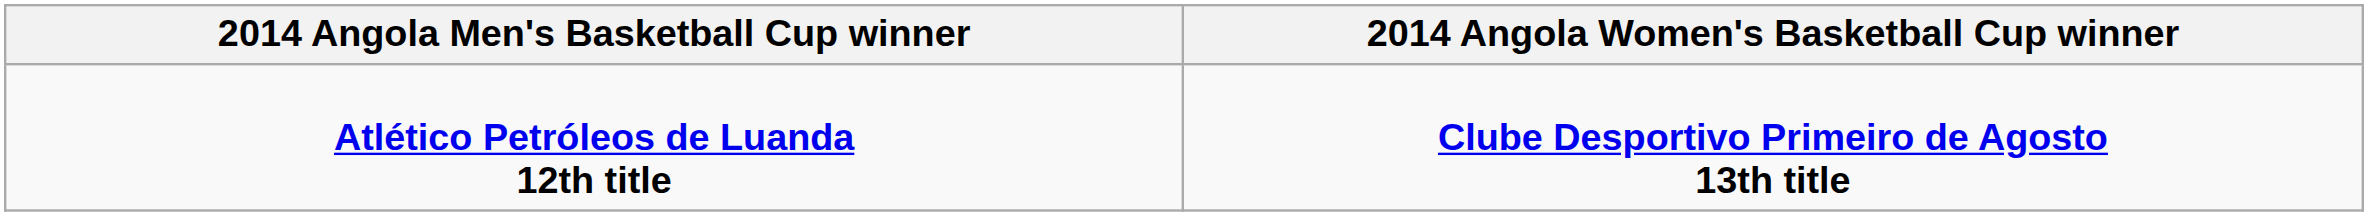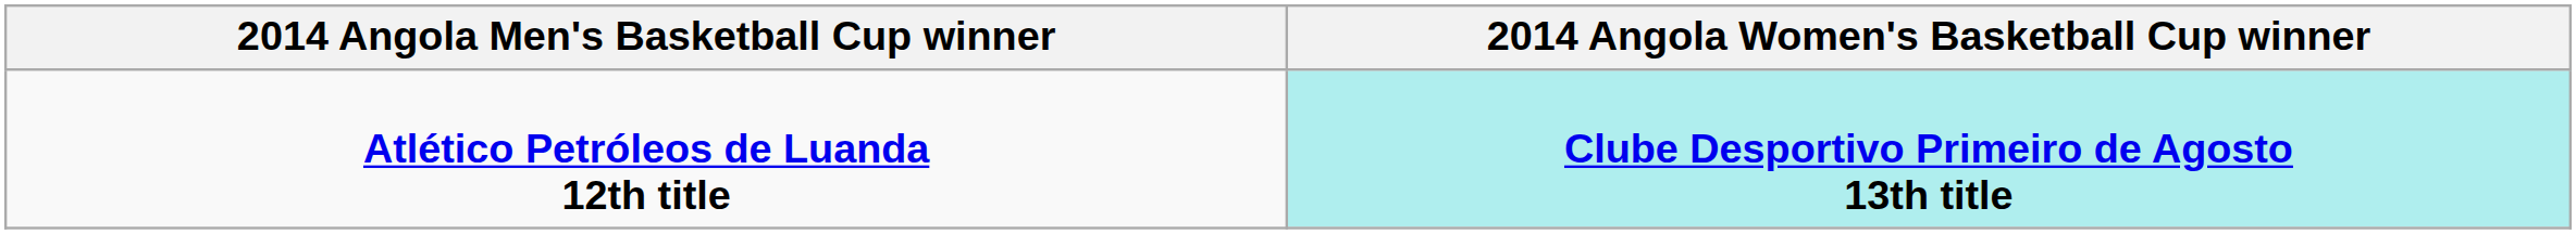 <table class=wikitable style="text-align:center; width: 1000px; margin:auto">
 <tr>
 <th width=600px>2014 Angola Men's Basketball Cup winner</th>
 <th width=600px>2014 Angola Women's Basketball Cup winner</th>
 </tr>
 <tr>
 <td><br><strong><a href='#'>Atlético Petróleos de Luanda</a></strong><br><strong>12th title</strong></td>
-<td><br><strong><a href='#'>Clube Desportivo Primeiro de Agosto</a></strong><br><strong>13th title</strong></td>
+<td style="background: paleturquoise;"><br><strong><a href='#'>Clube Desportivo Primeiro de Agosto</a></strong><br><strong>13th title</strong></td>
 </tr>
 </table>
